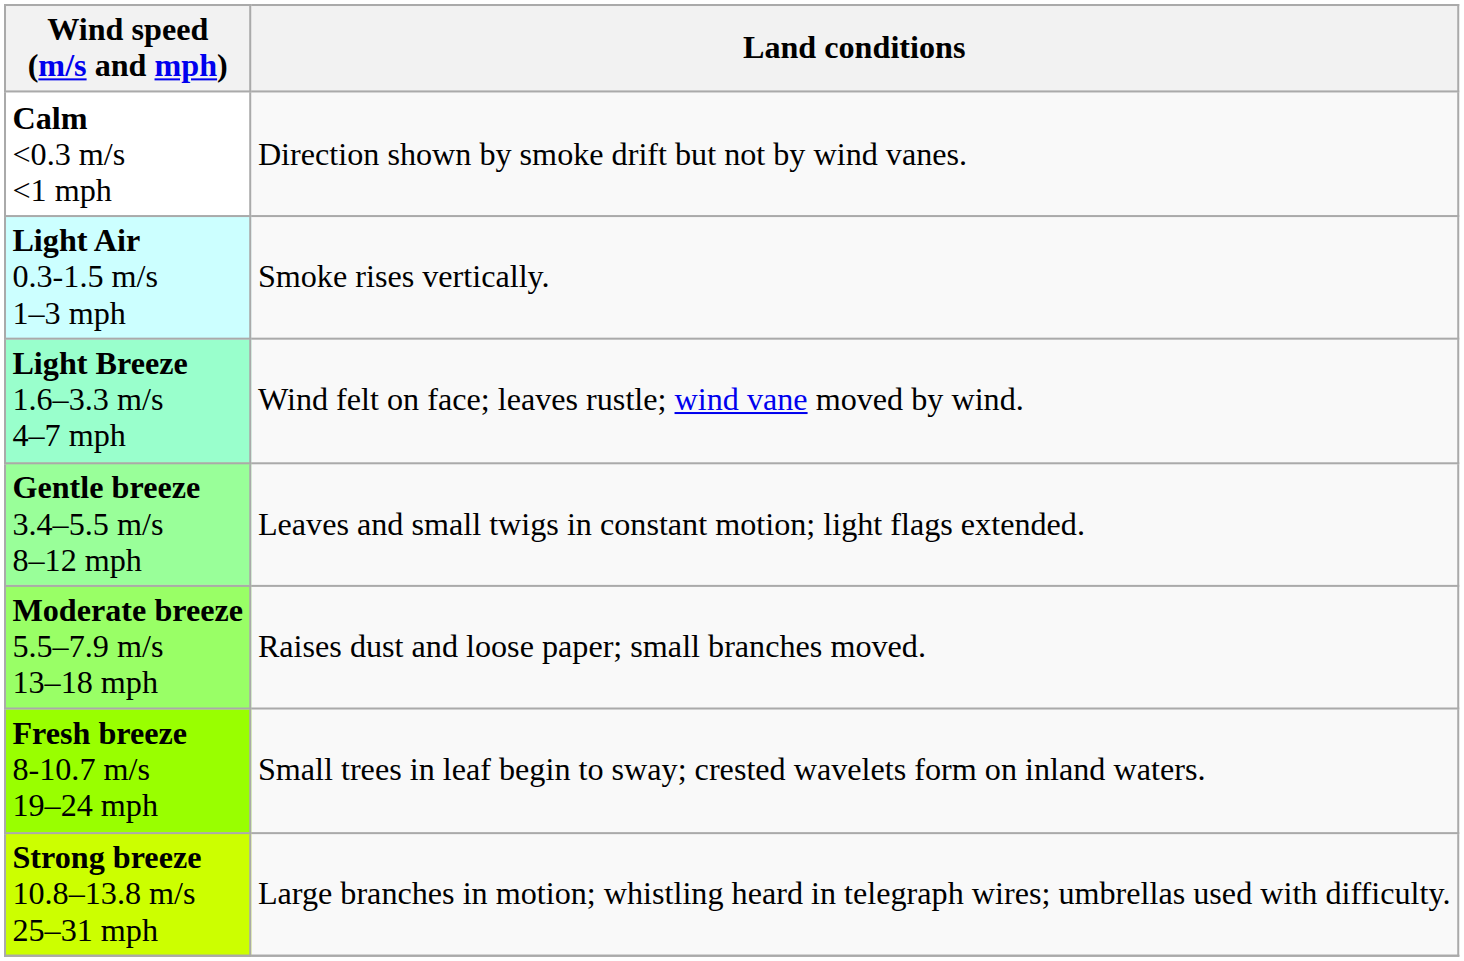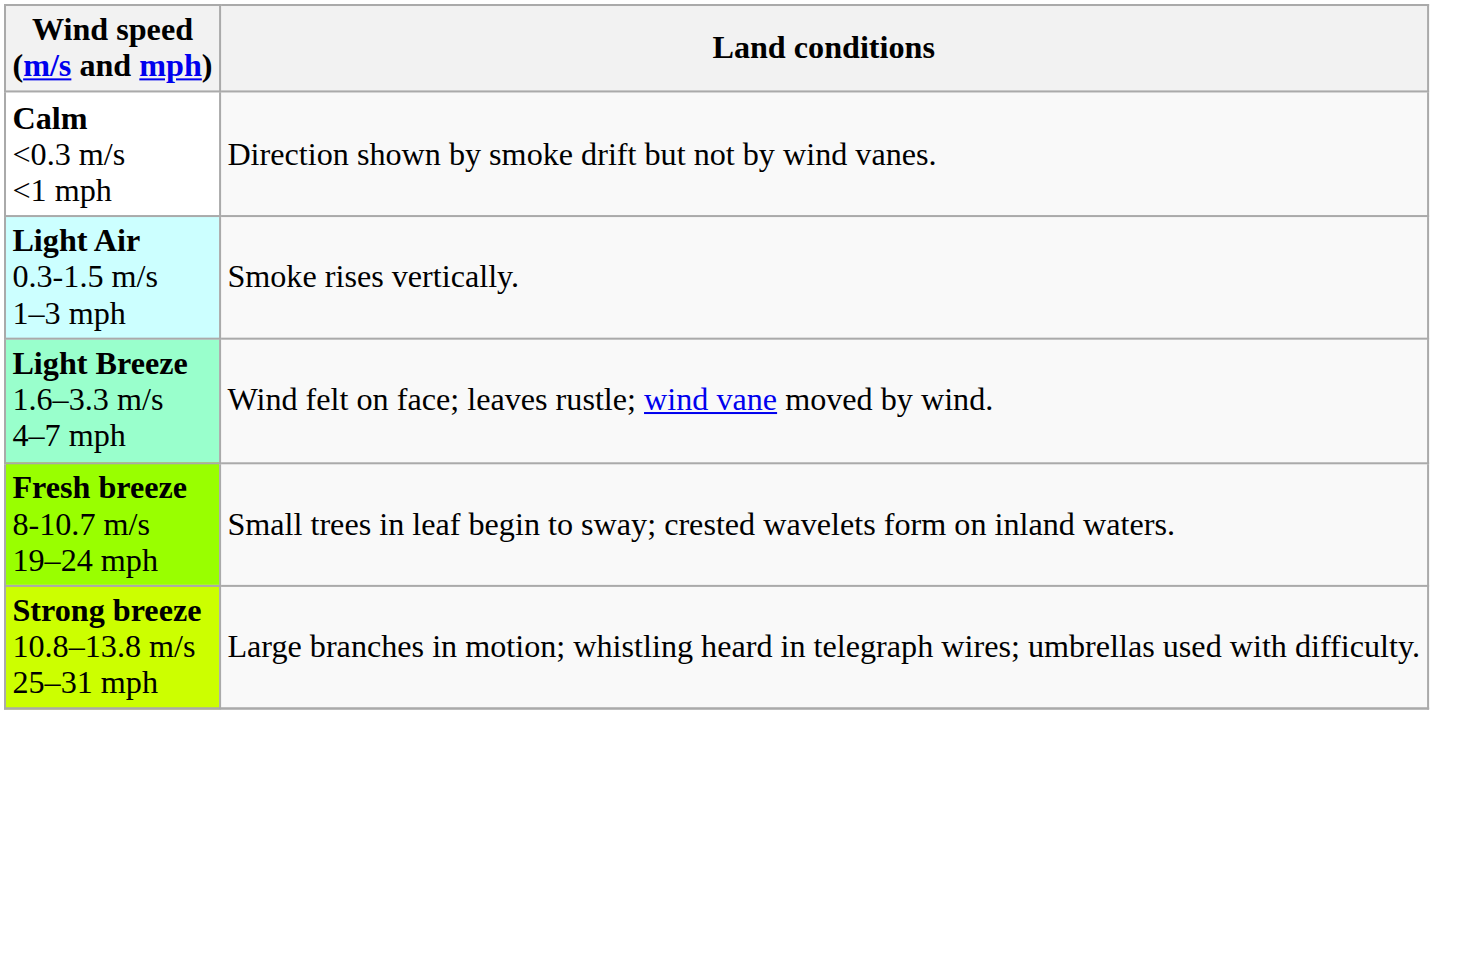 <table class="wikitable">
 <tr>
 <th>Wind speed <br>(<a href='#'>m/s</a> and <a href='#'>mph</a>)</th>
 <th>Land conditions</th>
 </tr>
 <tr>
 <td style="background-color: #FFFFFF"><strong>Calm</strong> <br><0.3 m/s <br><1 mph</td>
 <td>Direction shown by smoke drift but not by wind vanes.</td>
 </tr>
 <tr>
 <td style="background-color: #CCFFFF"><strong>Light Air</strong> <br>0.3-1.5 m/s <br>1–3 mph</td>
 <td>Smoke rises vertically.</td>
 </tr>
 <tr>
 <td style="background-color: #99FFCC"><strong>Light Breeze</strong> <br>1.6–3.3 m/s <br>4–7 mph</td>
 <td>Wind felt on face; leaves rustle; <a href='#'>wind vane</a> moved by wind.</td>
 </tr>
 <tr>
-<td style="background-color: #99FF99"><strong>Gentle breeze</strong> <br>3.4–5.5 m/s <br>8–12 mph</td>
-<td>Leaves and small twigs in constant motion; light flags extended.</td>
-</tr>
-<tr>
-<td style="background-color: #99FF66"><strong>Moderate breeze</strong> <br>5.5–7.9 m/s <br>13–18 mph</td>
-<td>Raises dust and loose paper; small branches moved.</td>
-</tr>
-<tr>
 <td style="background-color: #99FF00"><strong>Fresh breeze</strong> <br>8-10.7 m/s <br>19–24 mph</td>
 <td>Small trees in leaf begin to sway; crested wavelets form on inland waters.</td>
 </tr>
 <tr>
 <td style="background-color: #CCFF00"><strong>Strong breeze</strong> <br>10.8–13.8 m/s <br>25–31 mph</td>
 <td>Large branches in motion; whistling heard in telegraph wires; umbrellas used with difficulty.</td>
 </tr>
 <tr>
 </tr>
 </table>
